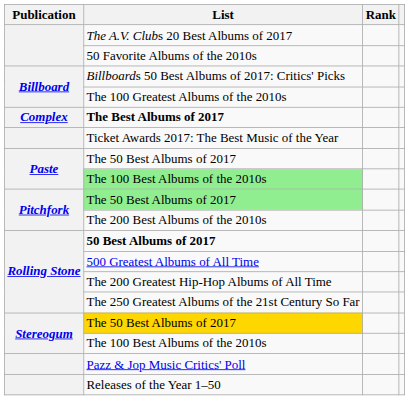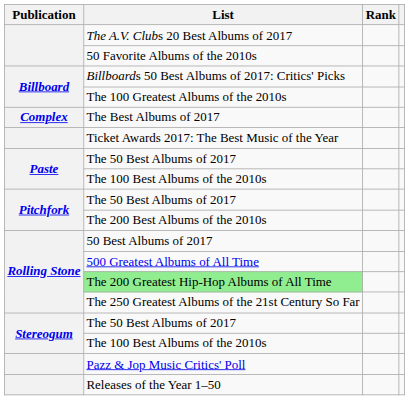 <table class="wikitable sortable plainrowheaders" style="border:none; margin:0;">
 <tr>
 <th scope="col">Publication</th>
 <th scope="col" class="unsortable">List</th>
 <th scope="col" data-sort-type="number">Rank</th>
 <th scope="col" class="unsortable"></th>
 </tr>
 <tr>
 <th scope="row" rowspan="2"><em></em></th>
 <td><em>The A.V. Club</em>s 20 Best Albums of 2017</td>
 <td></td>
 <td></td>
 </tr>
 <tr>
 <td>50 Favorite Albums of the 2010s</td>
 <td></td>
 <td></td>
 </tr>
 <tr>
 <th scope="row" rowspan="2"><em><a href='#'>Billboard</a></em></th>
 <td><em>Billboard</em>s 50 Best Albums of 2017: Critics' Picks</td>
 <td></td>
 <td></td>
 </tr>
 <tr>
 <td>The 100 Greatest Albums of the 2010s</td>
 <td></td>
 <td></td>
 </tr>
 <tr>
 <th scope="row"><em><a href='#'>Complex</a></em></th>
-<td><strong>The Best Albums of 2017</strong></td>
+<td>The Best Albums of 2017</td>
 <td></td>
 <td></td>
 </tr>
 <tr>
 <th scope="row"><em></em></th>
 <td>Ticket Awards 2017: The Best Music of the Year</td>
 <td></td>
 <td></td>
 </tr>
 <tr>
 <th scope="row" rowspan="2"><em><a href='#'>Paste</a></em></th>
 <td>The 50 Best Albums of 2017</td>
 <td></td>
 <td></td>
 </tr>
 <tr>
-<td style="background: lightgreen;">The 100 Best Albums of the 2010s</td>
+<td>The 100 Best Albums of the 2010s</td>
 <td></td>
 <td></td>
 </tr>
 <tr>
 <th scope="row" rowspan="2"><em><a href='#'>Pitchfork</a></em></th>
-<td style="background: lightgreen;">The 50 Best Albums of 2017</td>
+<td>The 50 Best Albums of 2017</td>
 <td></td>
 <td></td>
 </tr>
 <tr>
 <td>The 200 Best Albums of the 2010s</td>
 <td></td>
 <td></td>
 </tr>
 <tr>
 <th scope="row" rowspan="4"><em><a href='#'>Rolling Stone</a></em></th>
-<td><strong>50 Best Albums of 2017</strong></td>
+<td>50 Best Albums of 2017</td>
 <td></td>
 <td></td>
 </tr>
 <tr>
 <td><a href='#'>500 Greatest Albums of All Time</a></td>
 <td></td>
 <td></td>
 </tr>
 <tr>
-<td>The 200 Greatest Hip-Hop Albums of All Time</td>
+<td style="background: lightgreen;">The 200 Greatest Hip-Hop Albums of All Time</td>
 <td></td>
 <td></td>
 </tr>
 <tr>
 <td>The 250 Greatest Albums of the 21st Century So Far</td>
 <td></td>
 <td></td>
 </tr>
 <tr>
 <th scope="row" rowspan="2"><em><a href='#'>Stereogum</a></em></th>
-<td style="background: gold;">The 50 Best Albums of 2017</td>
+<td>The 50 Best Albums of 2017</td>
 <td></td>
 <td></td>
 </tr>
 <tr>
 <td>The 100 Best Albums of the 2010s</td>
 <td></td>
 <td></td>
 </tr>
 <tr>
 <th scope="row"><em></em></th>
 <td><a href='#'>Pazz & Jop Music Critics' Poll</a></td>
 <td></td>
 <td></td>
 </tr>
 <tr>
 <th scope="row"><em></em></th>
 <td>Releases of the Year 1–50</td>
 <td></td>
 <td></td>
 </tr>
 </table>
